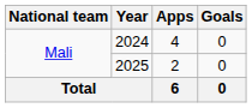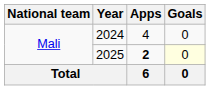 <table class="wikitable" style="text-align: center;">
 <tr>
 <th>National team</th>
 <th>Year</th>
 <th>Apps</th>
 <th>Goals</th>
 </tr>
 <tr>
 <td rowspan="2"><a href='#'>Mali</a></td>
 <td>2024</td>
 <td>4</td>
 <td>0</td>
 </tr>
 <tr>
 <td>2025</td>
-<td>2</td>
-<td>0</td>
+<td><strong>2</strong></td>
+<td style="background: lightyellow;">0</td>
 </tr>
 <tr>
 <th colspan="2">Total</th>
 <th>6</th>
 <th>0</th>
 </tr>
 </table>
